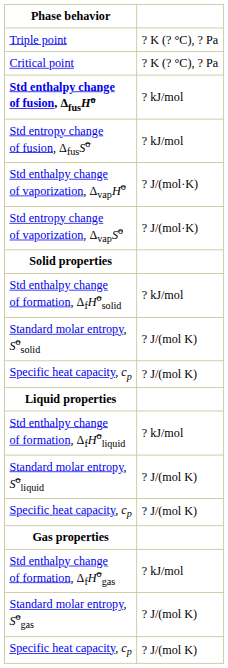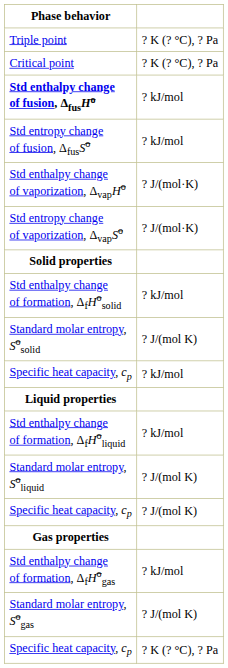 <table border="1" cellspacing="0" cellpadding="6" style="margin:0 0 0 0.5em; background:#fff; border-collapse:collapse; border-color:#c0c090;">
 <tr>
 <th>Phase behavior</th>
 </tr>
 <tr>
 <td><a href='#'>Triple point</a></td>
 <td>? K (? °C), ? Pa</td>
 </tr>
 <tr>
 <td><a href='#'>Critical point</a></td>
 <td>? K (? °C), ? Pa</td>
 </tr>
 <tr>
 <td><strong><a href='#'>Std enthalpy change<br>of fusion</a>, Δ<sub>fus</sub><em>H</em><sup><s>o</s></sup></strong></td>
 <td>? kJ/mol</td>
 </tr>
 <tr>
 <td><a href='#'>Std entropy change<br>of fusion</a>, Δ<sub>fus</sub><em>S</em><sup><s>o</s></sup></td>
 <td>? kJ/mol</td>
 </tr>
 <tr>
 <td><a href='#'>Std enthalpy change<br>of vaporization</a>, Δ<sub>vap</sub><em>H</em><sup><s>o</s></sup></td>
 <td>? J/(mol·K)</td>
 </tr>
 <tr>
 <td><a href='#'>Std entropy change<br>of vaporization</a>, Δ<sub>vap</sub><em>S</em><sup><s>o</s></sup></td>
 <td>? J/(mol·K)</td>
 </tr>
 <tr>
 <th>Solid properties</th>
 </tr>
 <tr>
 <td><a href='#'>Std enthalpy change<br>of formation</a>, Δ<sub>f</sub><em>H</em><sup><s>o</s></sup><sub>solid</sub></td>
 <td>? kJ/mol</td>
 </tr>
 <tr>
 <td><a href='#'>Standard molar entropy</a>,<br><em>S</em><sup><s>o</s></sup><sub>solid</sub></td>
 <td>? J/(mol K)</td>
 </tr>
 <tr>
 <td><a href='#'>Specific heat capacity</a>, <em>c<sub>p</sub></em></td>
-<td>? J/(mol K)</td>
+<td>? kJ/mol</td>
 </tr>
 <tr>
 <th>Liquid properties</th>
 </tr>
 <tr>
 <td><a href='#'>Std enthalpy change<br>of formation</a>, Δ<sub>f</sub><em>H</em><sup><s>o</s></sup><sub>liquid</sub></td>
 <td>? kJ/mol</td>
 </tr>
 <tr>
 <td><a href='#'>Standard molar entropy</a>,<br><em>S</em><sup><s>o</s></sup><sub>liquid</sub></td>
 <td>? J/(mol K)</td>
 </tr>
 <tr>
 <td><a href='#'>Specific heat capacity</a>, <em>c<sub>p</sub></em></td>
 <td>? J/(mol K)</td>
 </tr>
 <tr>
 <th>Gas properties</th>
 </tr>
 <tr>
 <td><a href='#'>Std enthalpy change<br>of formation</a>, Δ<sub>f</sub><em>H</em><sup><s>o</s></sup><sub>gas</sub></td>
 <td>? kJ/mol</td>
 </tr>
 <tr>
 <td><a href='#'>Standard molar entropy</a>,<br><em>S</em><sup><s>o</s></sup><sub>gas</sub></td>
 <td>? J/(mol K)</td>
 </tr>
 <tr>
 <td><a href='#'>Specific heat capacity</a>, <em>c<sub>p</sub></em></td>
-<td>? J/(mol K)</td>
+<td>? K (? °C), ? Pa</td>
 </tr>
 </table>
